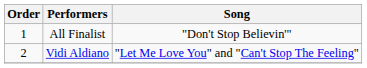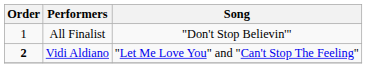 <table class="wikitable" style="text-align:center;">
 <tr>
 <th>Order</th>
 <th>Performers</th>
 <th>Song</th>
 </tr>
 <tr>
 <td>1</td>
 <td>All Finalist</td>
 <td>"Don't Stop Believin'"</td>
 </tr>
 <tr>
-<td>2</td>
+<td><strong>2</strong></td>
 <td><a href='#'>Vidi Aldiano</a></td>
 <td>"<a href='#'>Let Me Love You</a>" and "<a href='#'>Can't Stop The Feeling</a>"</td>
 </tr>
 <tr>
 </tr>
 </table>
